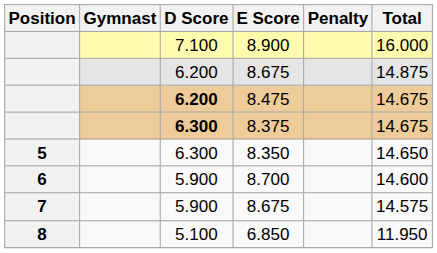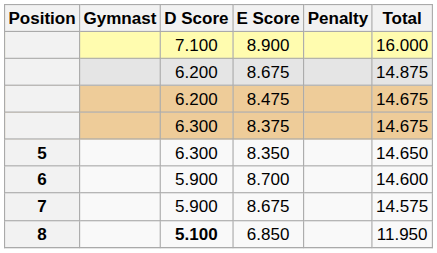 <table class="wikitable sortable" style="text-align:center; font-size:95%">
 <tr>
 <th scope=col>Position</th>
 <th scope=col>Gymnast</th>
 <th scope=col>D Score</th>
 <th scope=col>E Score</th>
 <th scope=col>Penalty</th>
 <th scope=col>Total</th>
 </tr>
 <tr bgcolor=fffcaf>
 <th scope=row></th>
 <td align="left"></td>
 <td>7.100</td>
 <td>8.900</td>
 <td></td>
 <td>16.000</td>
 </tr>
 <tr bgcolor=e5e5e5>
 <th scope=row></th>
 <td align="left"></td>
 <td>6.200</td>
 <td>8.675</td>
 <td></td>
 <td>14.875</td>
 </tr>
 <tr bgcolor="eecc99">
 <th scope="row"></th>
 <td align="left"></td>
-<td><strong>6.200</strong></td>
+<td>6.200</td>
 <td>8.475</td>
 <td></td>
 <td>14.675</td>
 </tr>
 <tr bgcolor=eecc99>
 <th scope=row></th>
 <td align="left"></td>
-<td><strong>6.300</strong></td>
+<td>6.300</td>
 <td>8.375</td>
 <td></td>
 <td>14.675</td>
 </tr>
 <tr>
 <th scope=row>5</th>
 <td align="left"></td>
 <td>6.300</td>
 <td>8.350</td>
 <td></td>
 <td>14.650</td>
 </tr>
 <tr>
 <th scope=row>6</th>
 <td align="left"></td>
 <td>5.900</td>
 <td>8.700</td>
 <td></td>
 <td>14.600</td>
 </tr>
 <tr>
 <th scope=row>7</th>
 <td align="left"></td>
 <td>5.900</td>
 <td>8.675</td>
 <td></td>
 <td>14.575</td>
 </tr>
 <tr>
 <th scope=row>8</th>
 <td align="left"></td>
-<td>5.100</td>
+<td><strong>5.100</strong></td>
 <td>6.850</td>
 <td></td>
 <td>11.950</td>
 </tr>
 <tr>
 </tr>
 </table>
